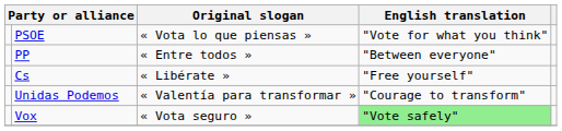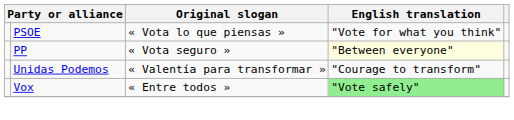 <table class="wikitable" style="text-align:left;">
 <tr>
 <th style="text-align:left;" colspan="2">Party or alliance</th>
 <th>Original slogan</th>
 <th>English translation</th>
 <th></th>
 </tr>
 <tr>
 <td width="1" style="color:inherit;background:"></td>
 <td><a href='#'>PSOE</a></td>
 <td>« Vota lo que piensas »</td>
 <td>"Vote for what you think"</td>
 <td></td>
 </tr>
 <tr>
 <td style="color:inherit;background:"></td>
 <td><a href='#'>PP</a></td>
-<td>« Entre todos »</td>
-<td>"Between everyone"</td>
-<td></td>
-</tr>
-<tr>
-<td style="color:inherit;background:"></td>
-<td><a href='#'>Cs</a></td>
-<td>« Libérate »</td>
-<td>"Free yourself"</td>
+<td>« Vota seguro »</td>
+<td style="background: lightyellow;">"Between everyone"</td>
 <td></td>
 </tr>
 <tr>
 <td style="color:inherit;background:"></td>
 <td><a href='#'>Unidas Podemos</a></td>
 <td>« Valentía para transformar »</td>
 <td>"Courage to transform"</td>
 <td></td>
 </tr>
 <tr>
 <td style="color:inherit;background:"></td>
 <td><a href='#'>Vox</a></td>
-<td>« Vota seguro »</td>
+<td>« Entre todos »</td>
 <td style="background: lightgreen;">"Vote safely"</td>
 <td></td>
 </tr>
 <tr>
 </tr>
 </table>
